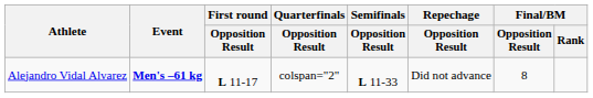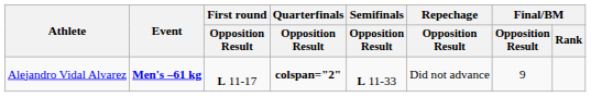 <table class="wikitable" style="font-size:90%;">
 <tr>
 <th rowspan=2>Athlete</th>
 <th rowspan=2>Event</th>
 <th>First round</th>
 <th>Quarterfinals</th>
 <th>Semifinals</th>
 <th>Repechage</th>
 <th colspan="2">Final/BM</th>
 </tr>
 <tr style="font-size:95%">
 <th>Opposition<br>Result</th>
 <th>Opposition<br>Result</th>
 <th>Opposition<br>Result</th>
 <th>Opposition<br>Result</th>
 <th>Opposition<br>Result</th>
 <th>Rank</th>
 </tr>
 <tr align=center>
 <td align=left><a href='#'>Alejandro Vidal Alvarez</a></td>
 <td align=left><strong><a href='#'>Men's –61 kg</a></strong></td>
 <td><br><strong>L</strong> 11-17</td>
-<td>colspan="2" </td>
+<td><strong>colspan="2" </strong></td>
 <td><br><strong>L</strong> 11-33</td>
 <td>Did not advance</td>
-<td>8</td>
+<td>9</td>
 </tr>
 </table>
